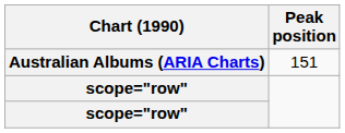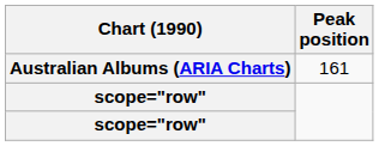 <table class="wikitable sortable plainrowheaders">
 <tr>
 <th scope="col">Chart (1990)</th>
 <th scope="col">Peak<br>position</th>
 </tr>
 <tr>
 <th scope="row">Australian Albums (<a href='#'>ARIA Charts</a>) </th>
-<td align="center">151</td>
+<td align="center">161</td>
 </tr>
 <tr>
 <th>scope="row" </th>
 </tr>
 <tr>
 <th>scope="row" </th>
 </tr>
 </table>
